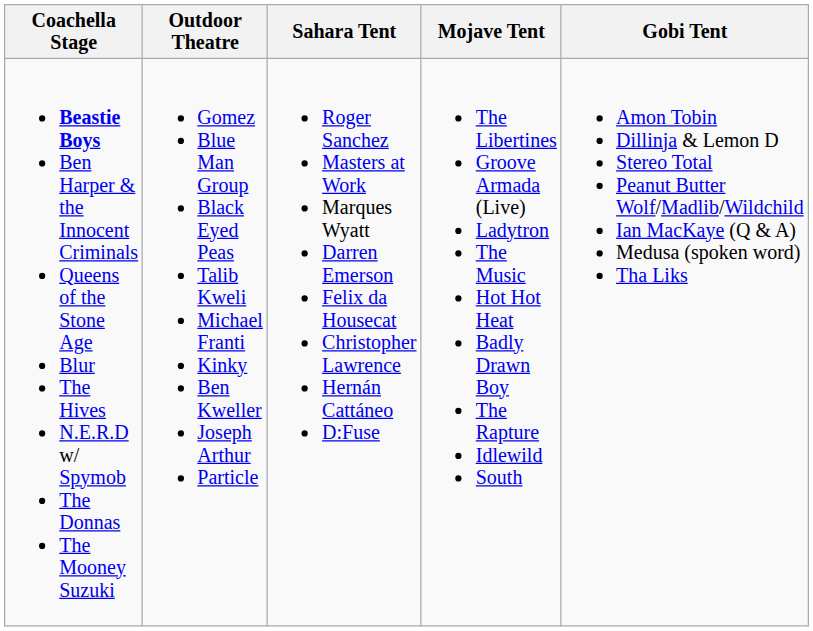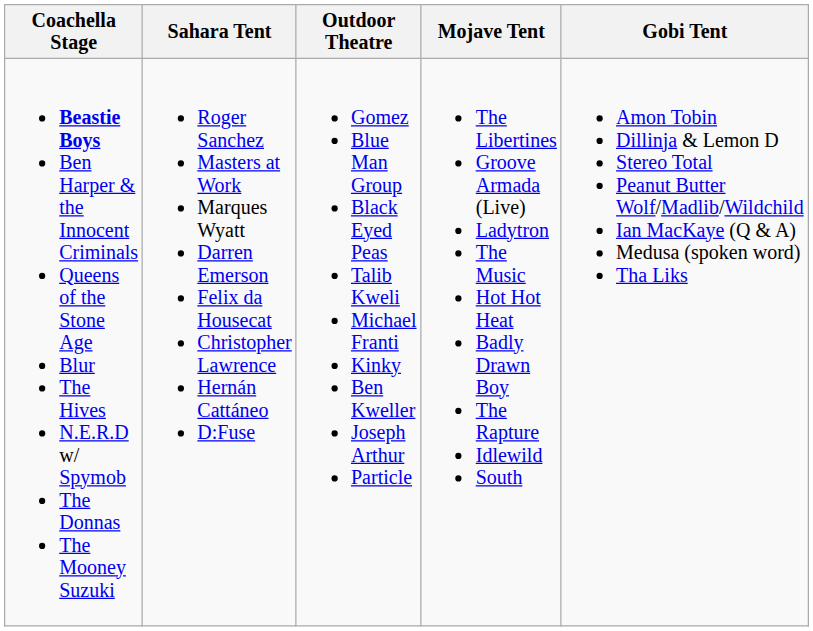 <table class="wikitable">
 <tr>
 <th>Coachella Stage</th>
+<th>Sahara Tent</th>
 <th>Outdoor Theatre</th>
-<th>Sahara Tent</th>
 <th>Mojave Tent</th>
 <th>Gobi Tent</th>
 </tr>
 <tr valign="top">
 <td><br><ul><li><strong><a href='#'>Beastie Boys</a></strong></li><li><a href='#'>Ben Harper & the Innocent Criminals</a></li><li><a href='#'>Queens of the Stone Age</a></li><li><a href='#'>Blur</a></li><li><a href='#'>The Hives</a></li><li><a href='#'>N.E.R.D</a> w/ <a href='#'>Spymob</a></li><li><a href='#'>The Donnas</a></li><li><a href='#'>The Mooney Suzuki</a></li></ul></td>
+<td><br><ul><li><a href='#'>Roger Sanchez</a></li><li><a href='#'>Masters at Work</a></li><li>Marques Wyatt</li><li><a href='#'>Darren Emerson</a></li><li><a href='#'>Felix da Housecat</a></li><li><a href='#'>Christopher Lawrence</a></li><li><a href='#'>Hernán Cattáneo</a></li><li><a href='#'>D:Fuse</a></li></ul></td>
 <td><br><ul><li><a href='#'>Gomez</a></li><li><a href='#'>Blue Man Group</a></li><li><a href='#'>Black Eyed Peas</a></li><li><a href='#'>Talib Kweli</a></li><li><a href='#'>Michael Franti</a></li><li><a href='#'>Kinky</a></li><li><a href='#'>Ben Kweller</a></li><li><a href='#'>Joseph Arthur</a></li><li><a href='#'>Particle</a></li></ul></td>
-<td><br><ul><li><a href='#'>Roger Sanchez</a></li><li><a href='#'>Masters at Work</a></li><li>Marques Wyatt</li><li><a href='#'>Darren Emerson</a></li><li><a href='#'>Felix da Housecat</a></li><li><a href='#'>Christopher Lawrence</a></li><li><a href='#'>Hernán Cattáneo</a></li><li><a href='#'>D:Fuse</a></li></ul></td>
 <td><br><ul><li><a href='#'>The Libertines</a></li><li><a href='#'>Groove Armada</a> (Live)</li><li><a href='#'>Ladytron</a></li><li><a href='#'>The Music</a></li><li><a href='#'>Hot Hot Heat</a></li><li><a href='#'>Badly Drawn Boy</a></li><li><a href='#'>The Rapture</a></li><li><a href='#'>Idlewild</a></li><li><a href='#'>South</a></li></ul></td>
 <td><br><ul><li><a href='#'>Amon Tobin</a></li><li><a href='#'>Dillinja</a> & Lemon D</li><li><a href='#'>Stereo Total</a></li><li><a href='#'>Peanut Butter Wolf</a>/<a href='#'>Madlib</a>/<a href='#'>Wildchild</a></li><li><a href='#'>Ian MacKaye</a> (Q & A)</li><li>Medusa (spoken word)</li><li><a href='#'>Tha Liks</a></li></ul></td>
 </tr>
 </table>
